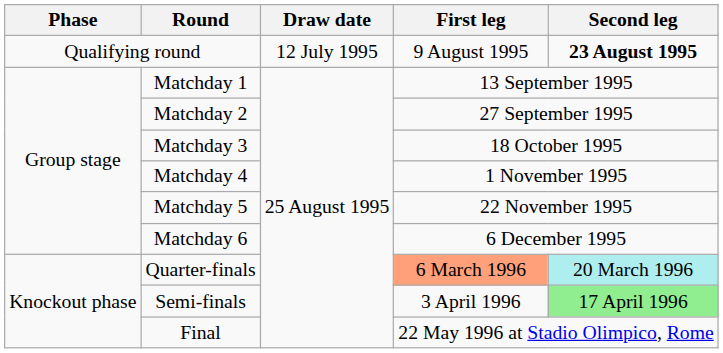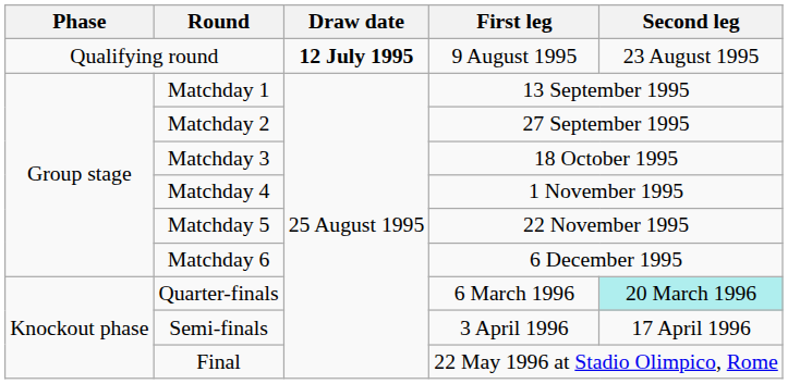 <table class="wikitable" style="text-align:center">
 <tr>
 <th>Phase</th>
 <th>Round</th>
 <th>Draw date</th>
 <th>First leg</th>
 <th>Second leg</th>
 </tr>
 <tr>
 <td colspan=2>Qualifying round</td>
-<td>12 July 1995</td>
+<td><strong>12 July 1995</strong></td>
 <td>9 August 1995</td>
-<td><strong>23 August 1995</strong></td>
+<td>23 August 1995</td>
 </tr>
 <tr>
 <td rowspan=6>Group stage</td>
 <td>Matchday 1</td>
 <td rowspan=9>25 August 1995</td>
 <td colspan=2>13 September 1995</td>
 </tr>
 <tr>
 <td>Matchday 2</td>
 <td colspan=2>27 September 1995</td>
 </tr>
 <tr>
 <td>Matchday 3</td>
 <td colspan=2>18 October 1995</td>
 </tr>
 <tr>
 <td>Matchday 4</td>
 <td colspan=2>1 November 1995</td>
 </tr>
 <tr>
 <td>Matchday 5</td>
 <td colspan=2>22 November 1995</td>
 </tr>
 <tr>
 <td>Matchday 6</td>
 <td colspan=2>6 December 1995</td>
 </tr>
 <tr>
 <td rowspan=3>Knockout phase</td>
 <td>Quarter-finals</td>
-<td style="background: lightsalmon;">6 March 1996</td>
+<td>6 March 1996</td>
 <td style="background: paleturquoise;">20 March 1996</td>
 </tr>
 <tr>
 <td>Semi-finals</td>
 <td>3 April 1996</td>
-<td style="background: lightgreen;">17 April 1996</td>
+<td>17 April 1996</td>
 </tr>
 <tr>
 <td>Final</td>
 <td colspan=2>22 May 1996 at <a href='#'>Stadio Olimpico</a>, <a href='#'>Rome</a></td>
 </tr>
 </table>
